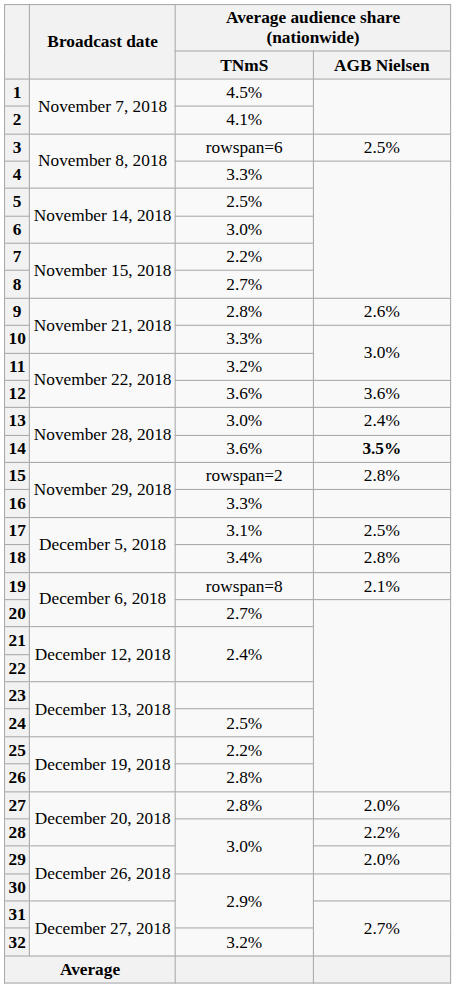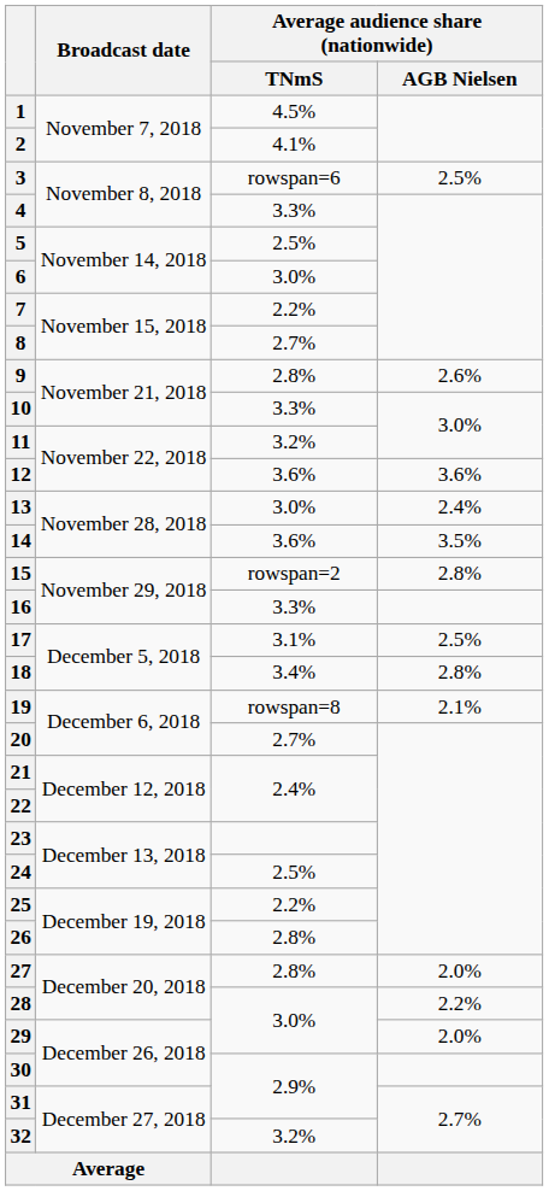 <table class="wikitable" style="text-align:center">
 <tr>
 <th rowspan="2"></th>
 <th rowspan="2">Broadcast date</th>
 <th colspan="2">Average audience share (nationwide)</th>
 </tr>
 <tr>
 <th width="120">TNmS</th>
 <th width="120">AGB Nielsen</th>
 </tr>
 <tr>
 <th>1</th>
 <td rowspan="2">November 7, 2018</td>
 <td>4.5%</td>
 <td rowspan="2"></td>
 </tr>
 <tr>
 <th>2</th>
 <td>4.1%</td>
 </tr>
 <tr>
 <th>3</th>
 <td rowspan="2">November 8, 2018</td>
 <td>rowspan=6 </td>
 <td>2.5%</td>
 </tr>
 <tr>
 <th>4</th>
 <td>3.3%</td>
 </tr>
 <tr>
 <th>5</th>
 <td rowspan="2">November 14, 2018</td>
 <td>2.5%</td>
 </tr>
 <tr>
 <th>6</th>
 <td>3.0%</td>
 </tr>
 <tr>
 <th>7</th>
 <td rowspan="2">November 15, 2018</td>
 <td>2.2%</td>
 </tr>
 <tr>
 <th>8</th>
 <td>2.7%</td>
 </tr>
 <tr>
 <th>9</th>
 <td rowspan="2">November 21, 2018</td>
 <td>2.8%</td>
 <td>2.6%</td>
 </tr>
 <tr>
 <th>10</th>
 <td>3.3%</td>
 <td rowspan="2">3.0%</td>
 </tr>
 <tr>
 <th>11</th>
 <td rowspan="2">November 22, 2018</td>
 <td>3.2%</td>
 </tr>
 <tr>
 <th>12</th>
 <td>3.6%</td>
 <td>3.6%</td>
 </tr>
 <tr>
 <th>13</th>
 <td rowspan="2">November 28, 2018</td>
 <td>3.0%</td>
 <td>2.4%</td>
 </tr>
 <tr>
 <th>14</th>
 <td>3.6%</td>
-<td><strong>3.5%</strong></td>
+<td>3.5%</td>
 </tr>
 <tr>
 <th>15</th>
 <td rowspan="2">November 29, 2018</td>
 <td>rowspan=2 </td>
 <td>2.8%</td>
 </tr>
 <tr>
 <th>16</th>
 <td>3.3%</td>
 </tr>
 <tr>
 <th>17</th>
 <td rowspan="2">December 5, 2018</td>
 <td>3.1%</td>
 <td>2.5%</td>
 </tr>
 <tr>
 <th>18</th>
 <td>3.4%</td>
 <td>2.8%</td>
 </tr>
 <tr>
 <th>19</th>
 <td rowspan="2">December 6, 2018</td>
 <td>rowspan=8 </td>
 <td>2.1%</td>
 </tr>
 <tr>
 <th>20</th>
 <td>2.7%</td>
 </tr>
 <tr>
 <th>21</th>
 <td rowspan="2">December 12, 2018</td>
 <td rowspan="2">2.4%</td>
 </tr>
 <tr>
 <th>22</th>
 </tr>
 <tr>
 <th>23</th>
 <td rowspan="2">December 13, 2018</td>
 <td></td>
 </tr>
 <tr>
 <th>24</th>
 <td>2.5%</td>
 </tr>
 <tr>
 <th>25</th>
 <td rowspan="2">December 19, 2018</td>
 <td>2.2%</td>
 </tr>
 <tr>
 <th>26</th>
 <td>2.8%</td>
 </tr>
 <tr>
 <th>27</th>
 <td rowspan="2">December 20, 2018</td>
 <td>2.8%</td>
 <td>2.0%</td>
 </tr>
 <tr>
 <th>28</th>
 <td rowspan="2">3.0%</td>
 <td>2.2%</td>
 </tr>
 <tr>
 <th>29</th>
 <td rowspan="2">December 26, 2018</td>
 <td>2.0%</td>
 </tr>
 <tr>
 <th>30</th>
 <td rowspan="2">2.9%</td>
 <td></td>
 </tr>
 <tr>
 <th>31</th>
 <td rowspan="2">December 27, 2018</td>
 <td rowspan="2">2.7%</td>
 </tr>
 <tr>
 <th>32</th>
 <td>3.2%</td>
 </tr>
 <tr>
 <th colspan="2">Average</th>
 <th></th>
 <th></th>
 </tr>
 </table>
